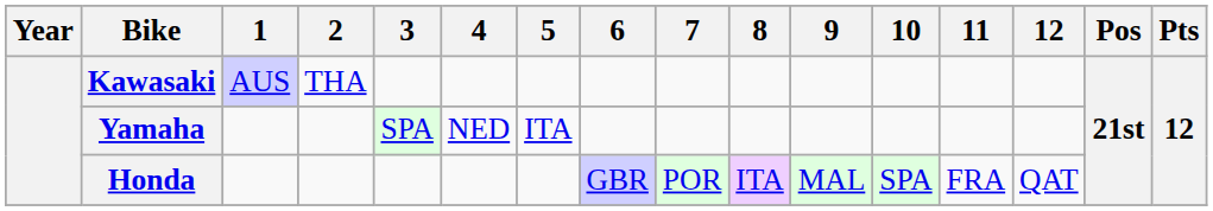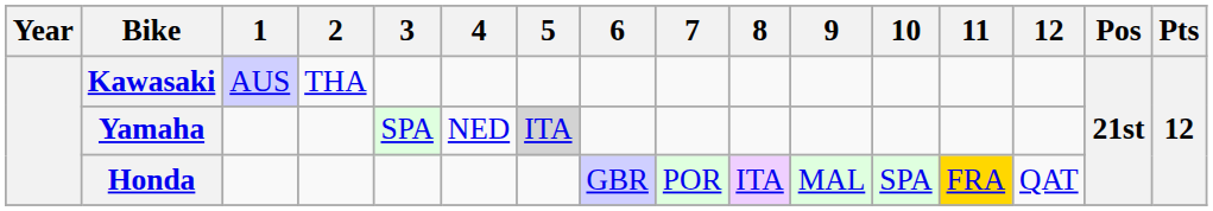 <table class="wikitable" style="text-align:center; font-size:90%">
 <tr>
 <th>Year</th>
 <th>Bike</th>
 <th>1</th>
 <th>2</th>
 <th>3</th>
 <th>4</th>
 <th>5</th>
 <th>6</th>
 <th>7</th>
 <th>8</th>
 <th>9</th>
 <th>10</th>
 <th>11</th>
 <th>12</th>
 <th>Pos</th>
 <th>Pts</th>
 </tr>
 <tr>
 <th rowspan="3"></th>
 <th><a href='#'>Kawasaki</a></th>
 <td style="background:#CFCFFF;"><a href='#'>AUS</a><br></td>
 <td><a href='#'>THA</a></td>
 <td></td>
 <td></td>
 <td></td>
 <td></td>
 <td></td>
 <td></td>
 <td></td>
 <td></td>
 <td></td>
 <td></td>
 <th rowspan="3">21st</th>
 <th rowspan="3">12</th>
 </tr>
 <tr>
 <th><a href='#'>Yamaha</a></th>
 <td></td>
 <td></td>
 <td style="background:#DFFFDF;"><a href='#'>SPA</a><br></td>
 <td><a href='#'>NED</a></td>
-<td><a href='#'>ITA</a></td>
+<td style="background: lightgrey;"><a href='#'>ITA</a></td>
 <td></td>
 <td></td>
 <td></td>
 <td></td>
 <td></td>
 <td></td>
 <td></td>
 </tr>
 <tr>
 <th><a href='#'>Honda</a></th>
 <td></td>
 <td></td>
 <td></td>
 <td></td>
 <td></td>
 <td style="background:#CFCFFF;"><a href='#'>GBR</a><br></td>
 <td style="background:#DFFFDF;"><a href='#'>POR</a><br></td>
 <td style="background:#EFCFFF;"><a href='#'>ITA</a><br></td>
 <td style="background:#DFFFDF;"><a href='#'>MAL</a><br></td>
 <td style="background:#DFFFDF;"><a href='#'>SPA</a><br></td>
-<td><a href='#'>FRA</a></td>
+<td style="background: gold;"><a href='#'>FRA</a></td>
 <td><a href='#'>QAT</a></td>
 </tr>
 </table>
